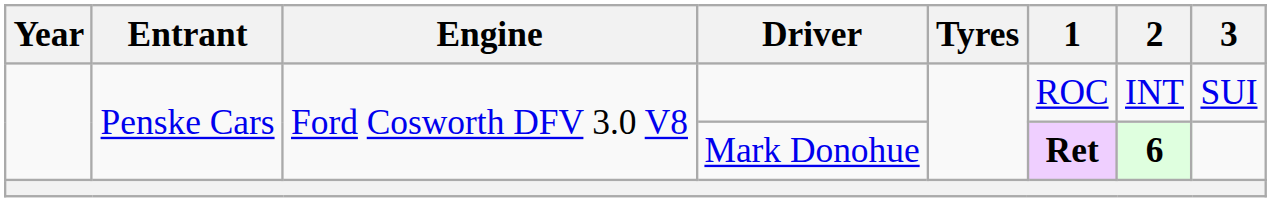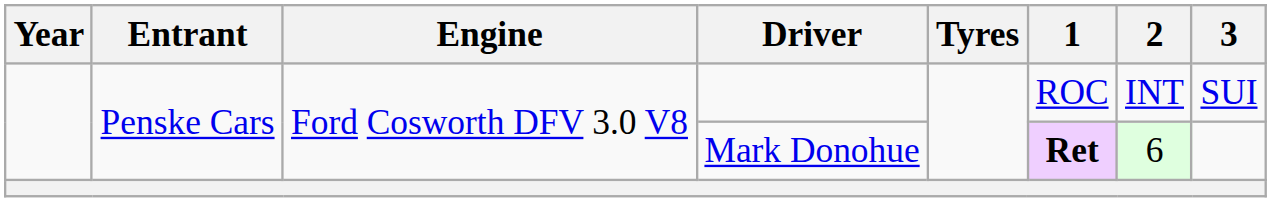 <table class="wikitable" style="text-align:center; font-size:95%">
 <tr>
 <th>Year</th>
 <th>Entrant</th>
 <th>Engine</th>
 <th>Driver</th>
 <th>Tyres</th>
 <th>1</th>
 <th>2</th>
 <th>3</th>
 </tr>
 <tr>
 <td rowspan="2"></td>
 <td rowspan="2"><a href='#'>Penske Cars</a></td>
 <td rowspan="2"><a href='#'>Ford</a> <a href='#'>Cosworth DFV</a> 3.0 <a href='#'>V8</a></td>
 <td></td>
 <td rowspan="2"></td>
 <td><a href='#'>ROC</a></td>
 <td><a href='#'>INT</a></td>
 <td><a href='#'>SUI</a></td>
 </tr>
 <tr>
 <td align="left"><a href='#'>Mark Donohue</a></td>
 <td style="background:#efcfff; text-align:center;"><strong>Ret</strong></td>
-<td style="background:#dfffdf; text-align:center;"><strong>6</strong></td>
+<td style="background:#dfffdf; text-align:center;">6</td>
 <td></td>
 </tr>
 <tr>
 <th colspan="8"></th>
 </tr>
 </table>
